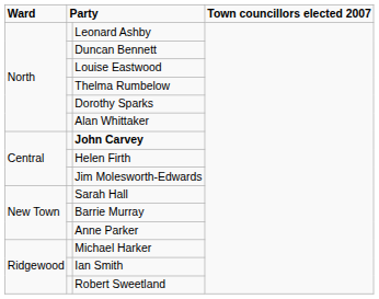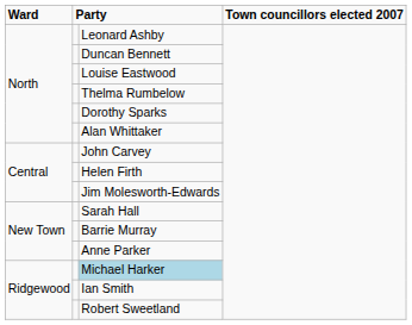 <table class="wikitable">
 <tr>
 <td><strong>Ward</strong></td>
 <td colspan=2><strong>Party</strong></td>
 <td><strong>Town councillors elected 2007</strong></td>
 </tr>
 <tr>
 <td rowspan="6">North</td>
 <td></td>
 <td>Leonard Ashby</td>
 </tr>
 <tr>
 <td></td>
 <td>Duncan Bennett</td>
 </tr>
 <tr>
 <td></td>
 <td>Louise Eastwood</td>
 </tr>
 <tr>
 <td></td>
 <td>Thelma Rumbelow</td>
 </tr>
 <tr>
 <td></td>
 <td>Dorothy Sparks</td>
 </tr>
 <tr>
 <td></td>
 <td>Alan Whittaker</td>
 </tr>
 <tr>
 <td rowspan="3">Central</td>
 <td></td>
-<td><strong>John Carvey</strong></td>
+<td>John Carvey</td>
 </tr>
 <tr>
 <td></td>
 <td>Helen Firth</td>
 </tr>
 <tr>
 <td></td>
 <td>Jim Molesworth-Edwards</td>
 </tr>
 <tr>
 <td rowspan="3">New Town</td>
 <td></td>
 <td>Sarah Hall</td>
 </tr>
 <tr>
 <td></td>
 <td>Barrie Murray</td>
 </tr>
 <tr>
 <td></td>
 <td>Anne Parker</td>
 </tr>
 <tr>
 <td rowspan="3">Ridgewood</td>
 <td></td>
-<td>Michael Harker</td>
+<td style="background: lightblue;">Michael Harker</td>
 </tr>
 <tr>
 <td></td>
 <td>Ian Smith</td>
 </tr>
 <tr>
 <td></td>
 <td>Robert Sweetland</td>
 </tr>
 </table>
